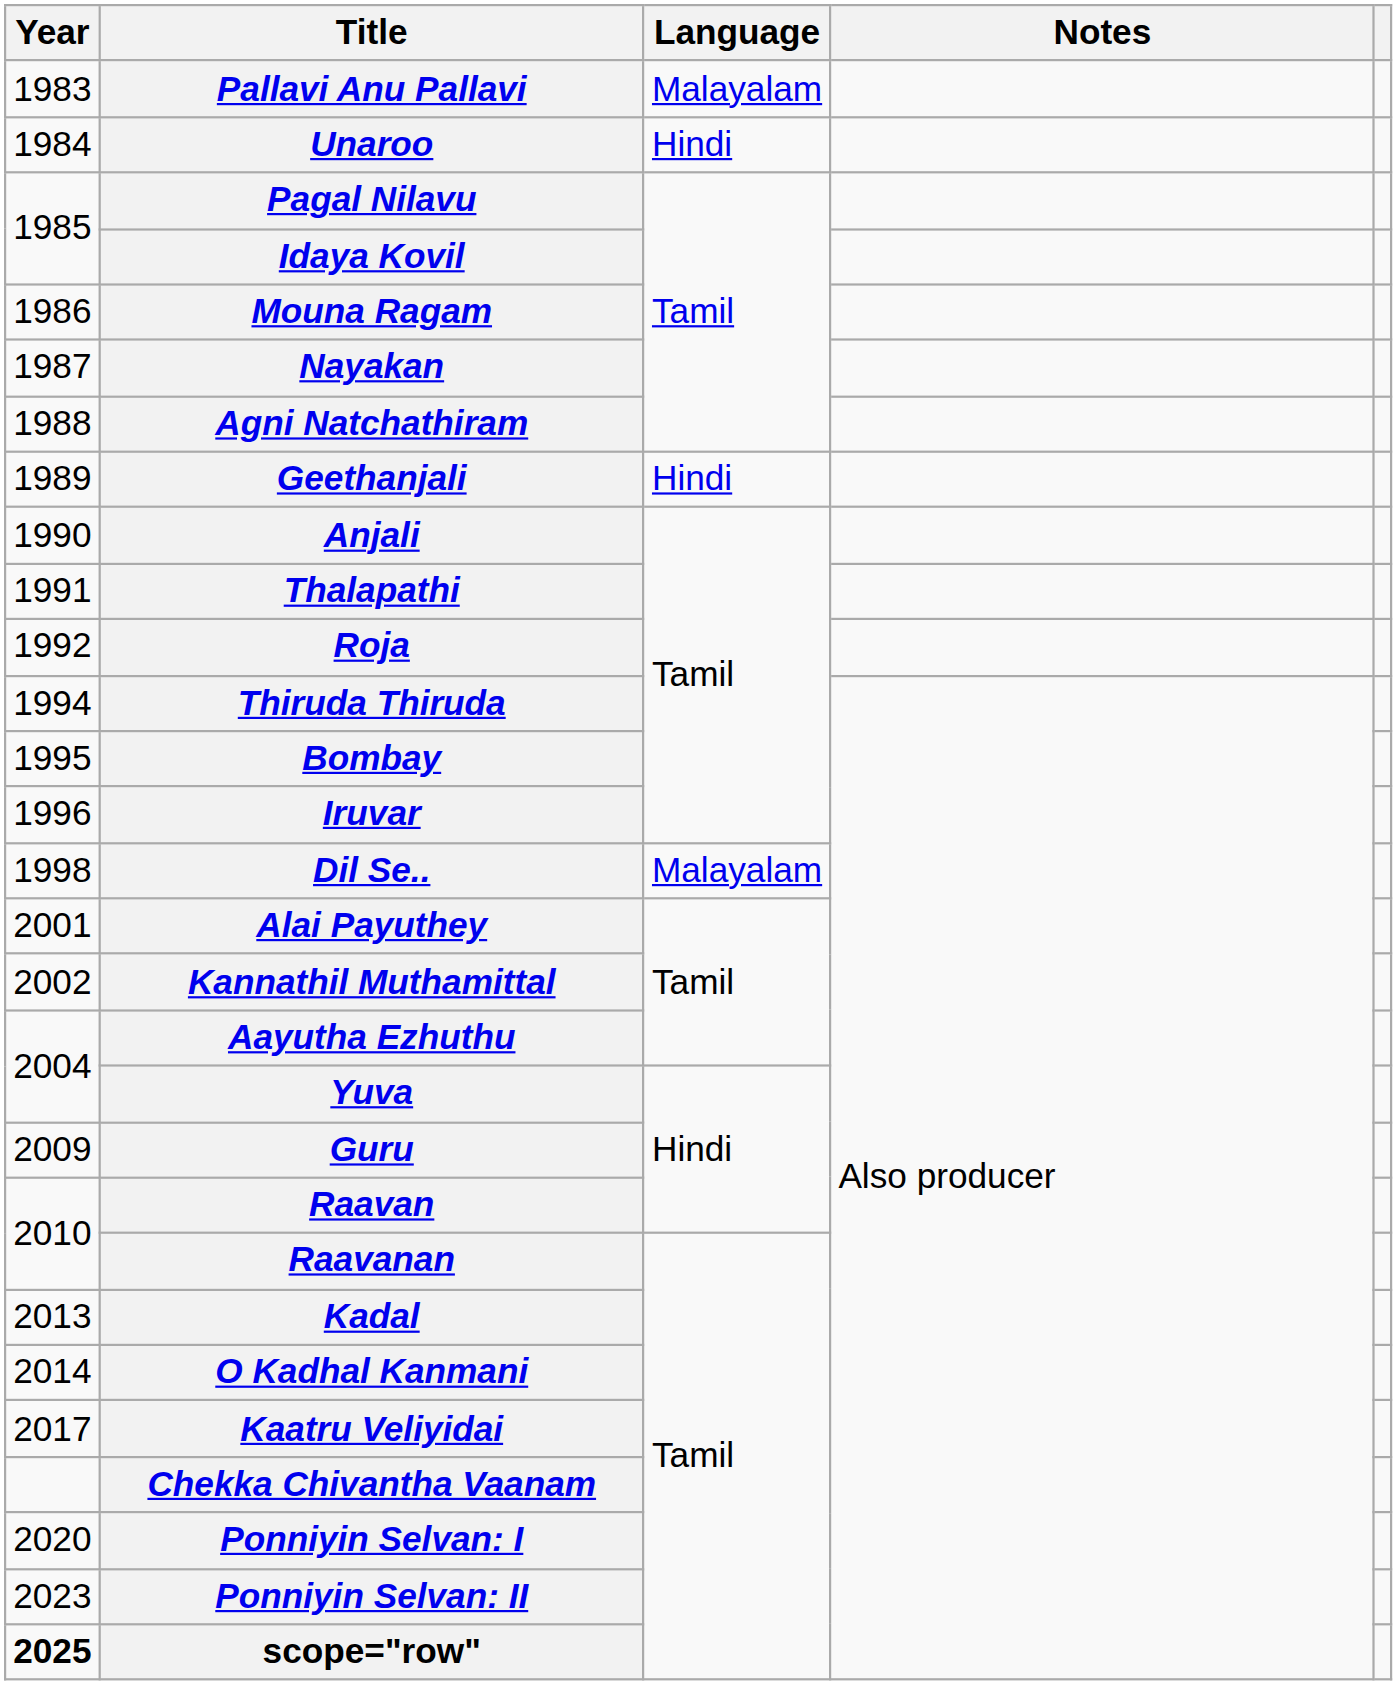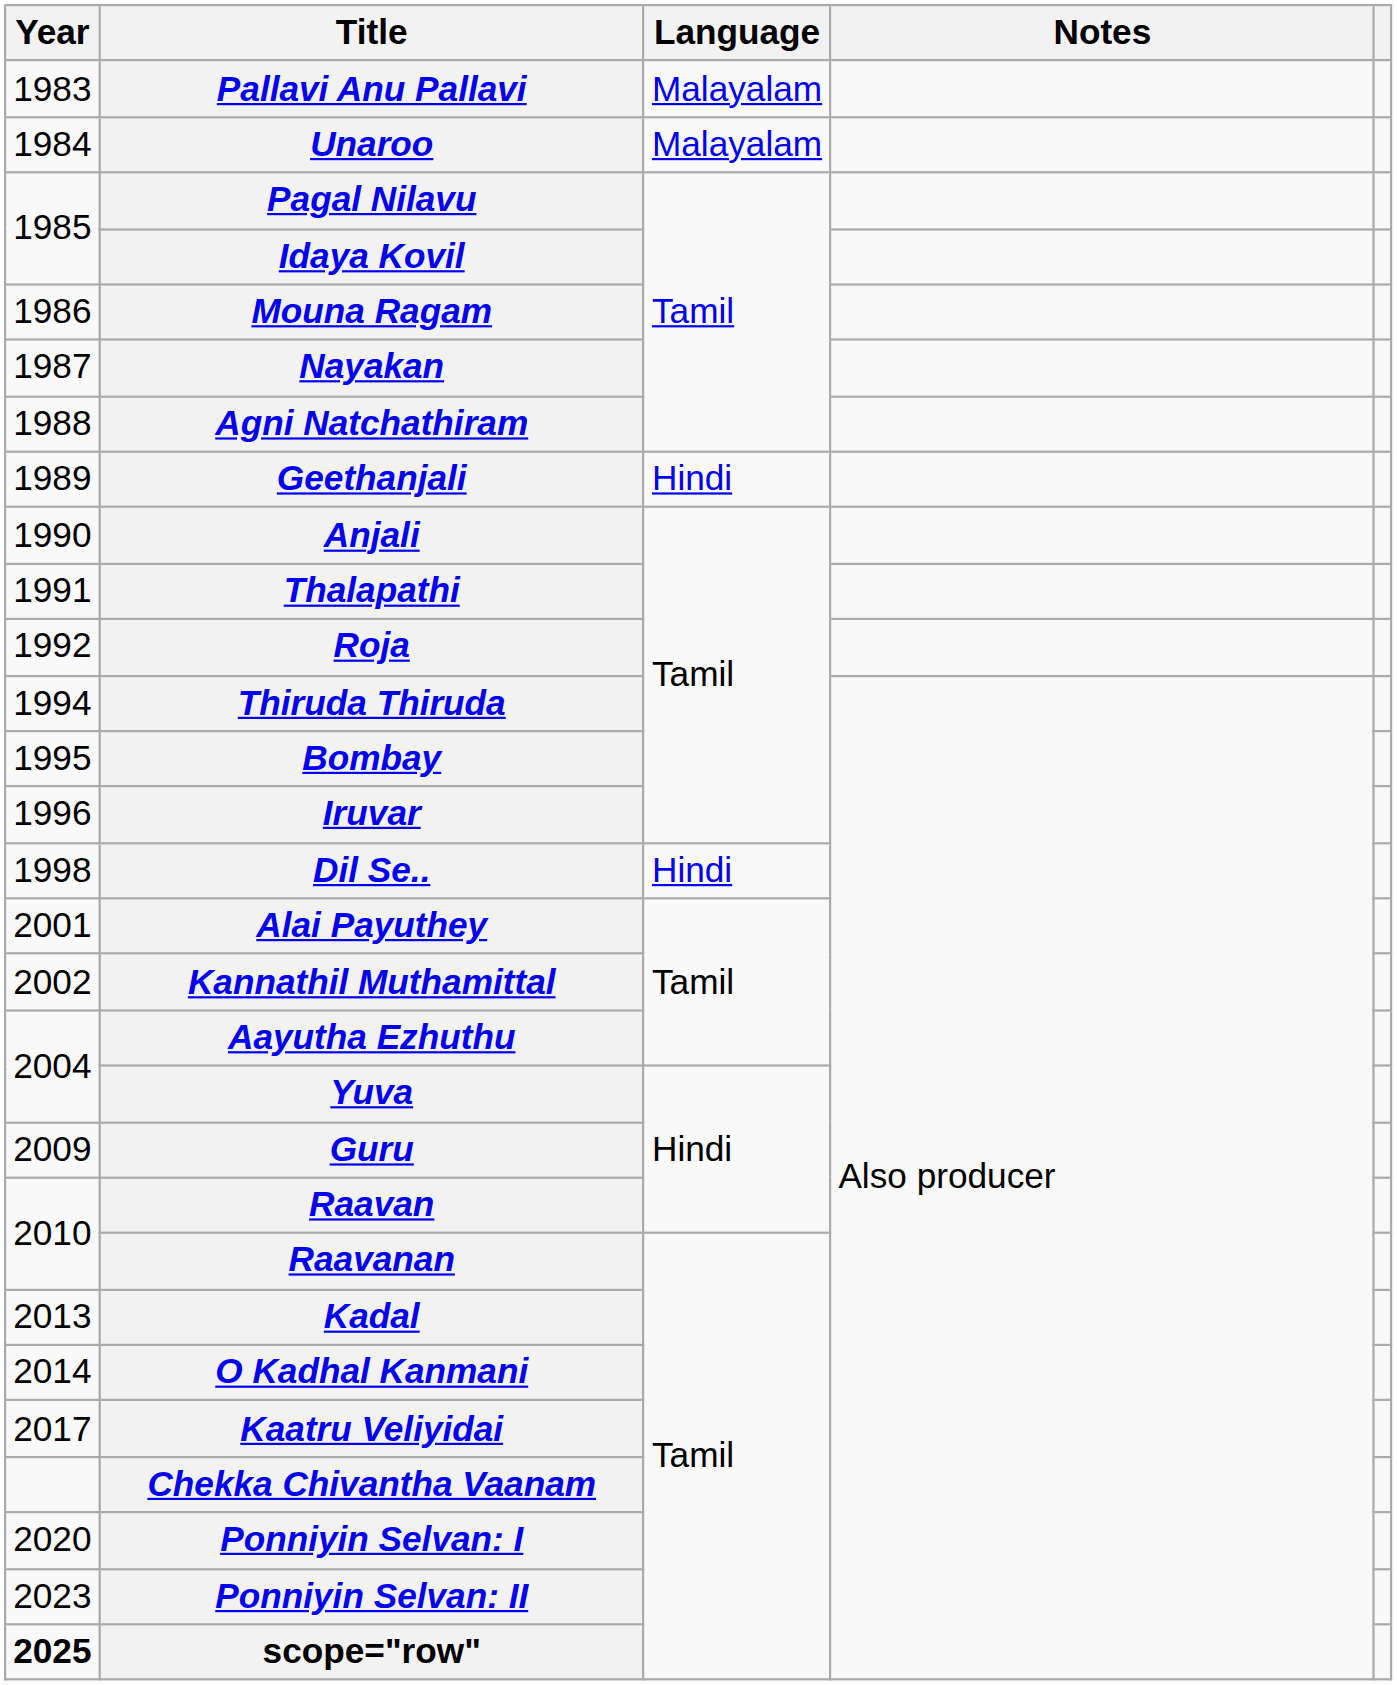 <table class="wikitable plainrowheaders sortable" style="margin-right: 0;">
 <tr>
 <th rowspan="2" scope="col" style="width: 1em;">Year</th>
 <th rowspan="2" scope="col" style="width: 15em;">Title</th>
 <th rowspan="2" scope="col" style="width: 2em;">Language</th>
 <th rowspan="2" scope="col" style="width: 15em;">Notes</th>
 <th rowspan="2" scope="col" class="unsortable"></th>
 </tr>
 <tr>
 </tr>
 <tr>
 <td>1983</td>
 <th scope="row"><em><a href='#'>Pallavi Anu Pallavi</a></em></th>
 <td><a href='#'>Malayalam</a></td>
 <td></td>
 <td style="text-align: center;"></td>
 </tr>
 <tr>
 <td>1984</td>
 <th scope="row"><em><a href='#'>Unaroo</a></em></th>
-<td><a href='#'>Hindi</a></td>
+<td><a href='#'>Malayalam</a></td>
 <td></td>
 <td style="text-align: center;"></td>
 </tr>
 <tr>
 <td rowspan="2">1985</td>
 <th scope="row"><em><a href='#'>Pagal Nilavu</a></em></th>
 <td rowspan="5"><a href='#'>Tamil</a></td>
 <td></td>
 <td style="text-align: center;"></td>
 </tr>
 <tr>
 <th scope="row"><em><a href='#'>Idaya Kovil</a></em></th>
 <td></td>
 <td style="text-align: center;"></td>
 </tr>
 <tr>
 <td>1986</td>
 <th scope="row"><em><a href='#'>Mouna Ragam</a></em></th>
 <td></td>
 <td style="text-align: center;"></td>
 </tr>
 <tr>
 <td>1987</td>
 <th scope="row"><em><a href='#'>Nayakan</a></em></th>
 <td></td>
 <td style="text-align: center;"></td>
 </tr>
 <tr>
 <td>1988</td>
 <th scope="row"><em><a href='#'>Agni Natchathiram</a></em></th>
 <td></td>
 <td style="text-align: center;"></td>
 </tr>
 <tr>
 <td>1989</td>
 <th scope="row"><em><a href='#'>Geethanjali</a></em></th>
 <td><a href='#'>Hindi</a></td>
 <td></td>
 <td style="text-align: center;"></td>
 </tr>
 <tr>
 <td>1990</td>
 <th scope="row"><em><a href='#'>Anjali</a></em></th>
 <td rowspan="6">Tamil</td>
 <td></td>
 <td style="text-align: center;"></td>
 </tr>
 <tr>
 <td>1991</td>
 <th scope="row"><em><a href='#'>Thalapathi</a></em></th>
 <td></td>
 <td style="text-align: center;"></td>
 </tr>
 <tr>
 <td>1992</td>
 <th scope="row"><em><a href='#'>Roja</a></em></th>
 <td></td>
 <td style="text-align: center;"></td>
 </tr>
 <tr>
 <td>1994</td>
 <th scope="row"><em><a href='#'>Thiruda Thiruda</a></em></th>
 <td rowspan="18">Also producer</td>
 <td style="text-align: center;"></td>
 </tr>
 <tr>
 <td>1995</td>
 <th scope="row"><em><a href='#'>Bombay</a></em></th>
 <td style="text-align: center;"></td>
 </tr>
 <tr>
 <td>1996</td>
 <th scope="row"><em><a href='#'>Iruvar</a></em></th>
 <td style="text-align: center;"></td>
 </tr>
 <tr>
 <td>1998</td>
 <th scope="row"><em><a href='#'>Dil Se..</a></em></th>
-<td><a href='#'>Malayalam</a></td>
+<td><a href='#'>Hindi</a></td>
 <td style="text-align: center;"><br></td>
 </tr>
 <tr>
 <td>2001</td>
 <th scope="row"><em><a href='#'>Alai Payuthey</a></em></th>
 <td rowspan="3">Tamil</td>
 <td style="text-align: center;"></td>
 </tr>
 <tr>
 <td>2002</td>
 <th scope="row"><em><a href='#'>Kannathil Muthamittal</a></em></th>
 <td style="text-align: center;"></td>
 </tr>
 <tr>
 <td rowspan="2">2004</td>
 <th scope="row"><em><a href='#'>Aayutha Ezhuthu</a></em></th>
 <td style="text-align: center;"></td>
 </tr>
 <tr>
 <th scope="row"><em><a href='#'>Yuva</a></em></th>
 <td rowspan="3">Hindi</td>
 <td style="text-align: center;"></td>
 </tr>
 <tr>
 <td>2009</td>
 <th scope="row"><em><a href='#'>Guru</a></em></th>
 <td style="text-align: center;"></td>
 </tr>
 <tr>
 <td rowspan="2">2010</td>
 <th scope="row"><em><a href='#'>Raavan</a></em></th>
 <td style="text-align: center;"></td>
 </tr>
 <tr>
 <th scope="row"><em><a href='#'>Raavanan</a></em></th>
 <td rowspan="8">Tamil</td>
 <td style="text-align: center;"></td>
 </tr>
 <tr>
 <td>2013</td>
 <th scope="row"><em><a href='#'>Kadal</a></em></th>
 <td style="text-align: center;"></td>
 </tr>
 <tr>
 <td>2014</td>
 <th scope="row"><em><a href='#'>O Kadhal Kanmani</a></em></th>
 <td style="text-align: center;"></td>
 </tr>
 <tr>
 <td>2017</td>
 <th scope="row"><em><a href='#'>Kaatru Veliyidai</a></em></th>
 <td style="text-align: center;"></td>
 </tr>
 <tr>
 <td></td>
 <th scope="row"><em><a href='#'>Chekka Chivantha Vaanam</a></em></th>
 <td style="text-align: center;"></td>
 </tr>
 <tr>
 <td>2020</td>
 <th scope="row"><em><a href='#'>Ponniyin Selvan: I</a></em></th>
 <td style="text-align: center;"></td>
 </tr>
 <tr>
 <td>2023</td>
 <th scope="row"><em><a href='#'>Ponniyin Selvan: II</a></em></th>
 <td style="text-align: center;"></td>
 </tr>
 <tr>
 <td><strong>2025</strong></td>
 <th>scope="row" </th>
 <td style="text-align: center;"></td>
 </tr>
 </table>
